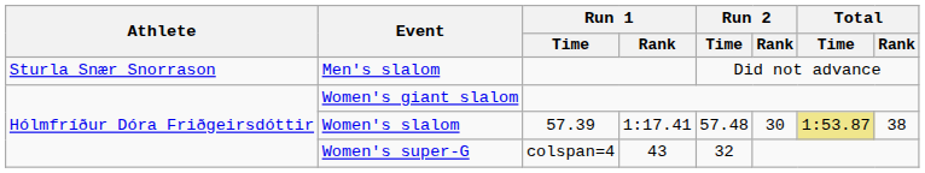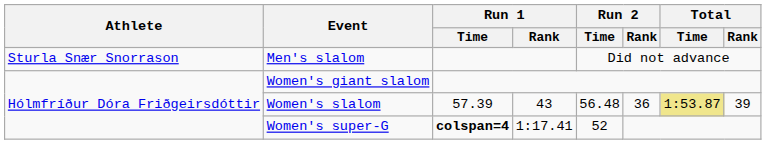 <table class="wikitable" style="font-size:90%">
 <tr>
 <th rowspan=2>Athlete</th>
 <th rowspan=2>Event</th>
 <th colspan=2>Run 1</th>
 <th colspan=2>Run 2</th>
 <th colspan=2>Total</th>
 </tr>
 <tr style="font-size:95%">
 <th>Time</th>
 <th>Rank</th>
 <th>Time</th>
 <th>Rank</th>
 <th>Time</th>
 <th>Rank</th>
 </tr>
 <tr align=center>
 <td align="left"><a href='#'>Sturla Snær Snorrason</a></td>
 <td align="left"><a href='#'>Men's slalom</a></td>
 <td colspan=2></td>
 <td colspan=4>Did not advance</td>
 </tr>
 <tr align=center>
 <td align="left" rowspan="3"><a href='#'>Hólmfríður Dóra Friðgeirsdóttir</a></td>
 <td align="left"><a href='#'>Women's giant slalom</a></td>
 <td colspan=6></td>
 </tr>
 <tr align=center>
 <td align="left"><a href='#'>Women's slalom</a></td>
 <td>57.39</td>
-<td>1:17.41</td>
-<td>57.48</td>
-<td>30</td>
+<td>43</td>
+<td>56.48</td>
+<td>36</td>
 <td style="background: khaki;">1:53.87</td>
-<td>38</td>
+<td>39</td>
 </tr>
 <tr align=center>
 <td align="left"><a href='#'>Women's super-G</a></td>
-<td>colspan=4 </td>
-<td>43</td>
-<td>32</td>
+<td><strong>colspan=4 </strong></td>
+<td>1:17.41</td>
+<td>52</td>
 </tr>
 </table>
